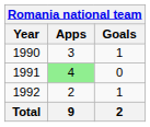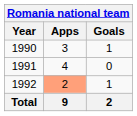 <table class="wikitable" style="text-align:center">
 <tr>
 <th colspan=3><a href='#'>Romania national team</a></th>
 </tr>
 <tr>
 <th>Year</th>
 <th>Apps</th>
 <th>Goals</th>
 </tr>
 <tr>
 <td>1990</td>
 <td>3</td>
 <td>1</td>
 </tr>
 <tr>
 <td>1991</td>
-<td style="background: lightgreen;">4</td>
+<td>4</td>
 <td>0</td>
 </tr>
 <tr>
 <td>1992</td>
-<td>2</td>
+<td style="background: lightsalmon;">2</td>
 <td>1</td>
 </tr>
 <tr>
 <th>Total</th>
 <th>9</th>
 <th>2</th>
 </tr>
 </table>
